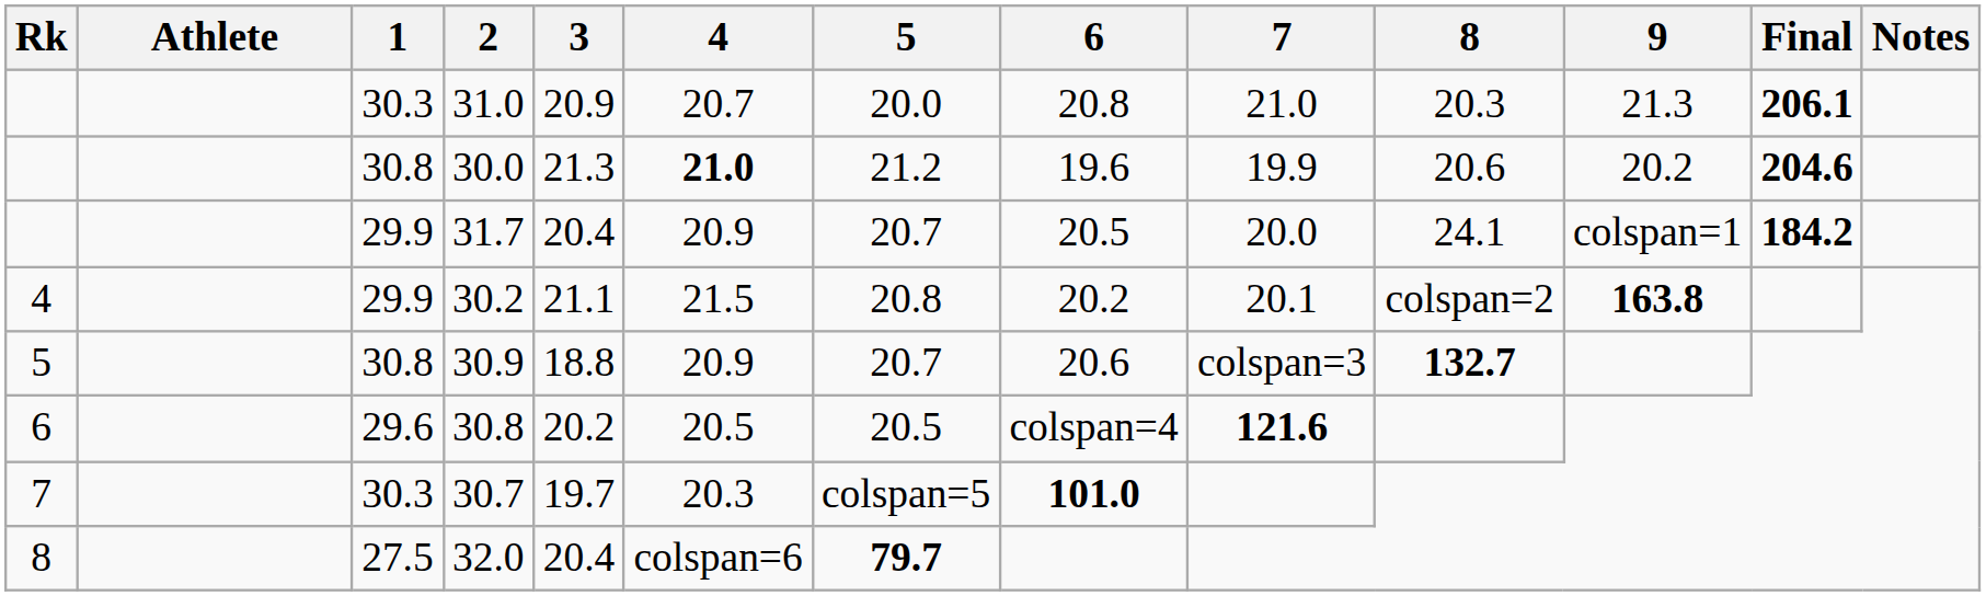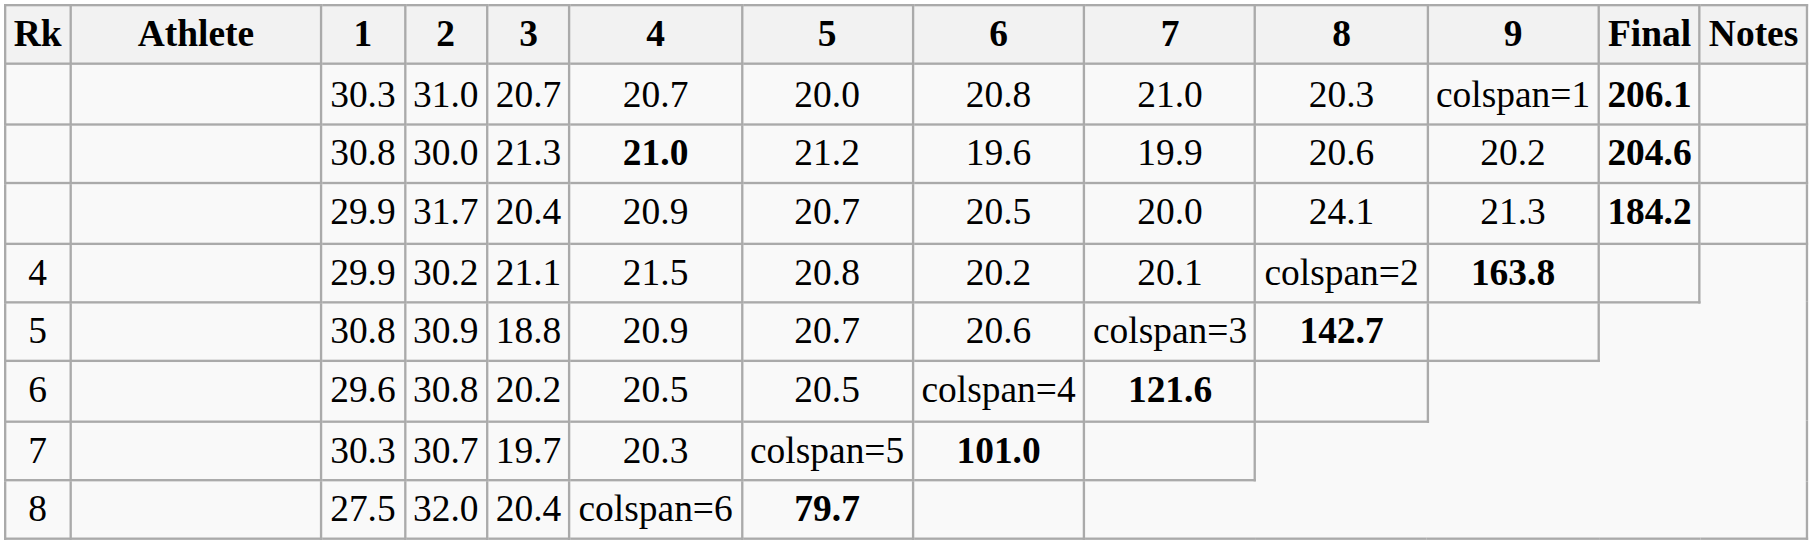 <table class="wikitable sortable">
 <tr>
 <th>Rk</th>
 <th style="width:100px">Athlete</th>
 <th class="unsortable">1</th>
 <th class="unsortable">2</th>
 <th class="unsortable">3</th>
 <th class="unsortable">4</th>
 <th class="unsortable">5</th>
 <th class="unsortable">6</th>
 <th class="unsortable">7</th>
 <th class="unsortable">8</th>
 <th class="unsortable">9</th>
 <th>Final</th>
 <th class="unsortable">Notes</th>
 </tr>
 <tr>
 <td align="center"></td>
 <td></td>
 <td align="center">30.3</td>
 <td align="center">31.0</td>
-<td align="center">20.9</td>
+<td align="center">20.7</td>
 <td align="center">20.7</td>
 <td align="center">20.0</td>
 <td align="center">20.8</td>
 <td align="center">21.0</td>
 <td align="center">20.3</td>
-<td align="center">21.3</td>
+<td>colspan=1 </td>
 <td align="center"><strong>206.1</strong></td>
 <td align="center"></td>
 </tr>
 <tr>
 <td align="center"></td>
 <td></td>
 <td align="center">30.8</td>
 <td align="center">30.0</td>
 <td align="center">21.3</td>
 <td align="center"><strong>21.0</strong></td>
 <td align="center">21.2</td>
 <td align="center">19.6</td>
 <td align="center">19.9</td>
 <td align="center">20.6</td>
 <td align="center">20.2</td>
 <td align="center"><strong>204.6</strong></td>
 <td align="center"></td>
 </tr>
 <tr>
 <td align="center"></td>
 <td></td>
 <td align="center">29.9</td>
 <td align="center">31.7</td>
 <td align="center">20.4</td>
 <td align="center">20.9</td>
 <td align="center">20.7</td>
 <td align="center">20.5</td>
 <td align="center">20.0</td>
 <td align="center">24.1</td>
-<td>colspan=1 </td>
+<td align="center">21.3</td>
 <td align="center"><strong>184.2</strong></td>
 <td align="center"></td>
 </tr>
 <tr>
 <td align="center">4</td>
 <td></td>
 <td align="center">29.9</td>
 <td align="center">30.2</td>
 <td align="center">21.1</td>
 <td align="center">21.5</td>
 <td align="center">20.8</td>
 <td align="center">20.2</td>
 <td align="center">20.1</td>
 <td>colspan=2 </td>
 <td align="center"><strong>163.8</strong></td>
 <td align="center"></td>
 </tr>
 <tr>
 <td align="center">5</td>
 <td></td>
 <td align="center">30.8</td>
 <td align="center">30.9</td>
 <td align="center">18.8</td>
 <td align="center">20.9</td>
 <td align="center">20.7</td>
 <td align="center">20.6</td>
 <td>colspan=3 </td>
-<td align="center"><strong>132.7</strong></td>
+<td align="center"><strong>142.7</strong></td>
 <td align="center"></td>
 </tr>
 <tr>
 <td align="center">6</td>
 <td></td>
 <td align="center">29.6</td>
 <td align="center">30.8</td>
 <td align="center">20.2</td>
 <td align="center">20.5</td>
 <td align="center">20.5</td>
 <td>colspan=4 </td>
 <td align="center"><strong>121.6</strong></td>
 <td align="center"></td>
 </tr>
 <tr>
 <td align="center">7</td>
 <td></td>
 <td align="center">30.3</td>
 <td align="center">30.7</td>
 <td align="center">19.7</td>
 <td align="center">20.3</td>
 <td>colspan=5 </td>
 <td align="center"><strong>101.0</strong></td>
 <td align="center"></td>
 </tr>
 <tr>
 <td align="center">8</td>
 <td></td>
 <td align="center">27.5</td>
 <td align="center">32.0</td>
 <td align="center">20.4</td>
 <td>colspan=6 </td>
 <td align="center"><strong>79.7</strong></td>
 <td align="center"></td>
 </tr>
 </table>
